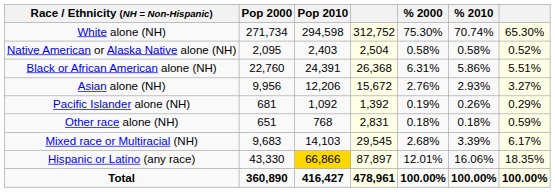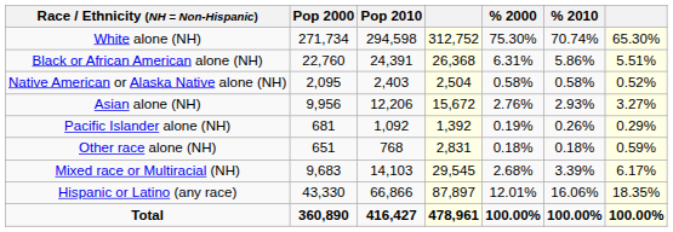 <table class="wikitable" style="text-align:center;">
 <tr>
 <th>Race / Ethnicity <small>(<em>NH = Non-Hispanic</em>)</small></th>
 <th>Pop 2000</th>
 <th>Pop 2010</th>
 <th></th>
 <th>% 2000</th>
 <th>% 2010</th>
 <th></th>
 </tr>
 <tr>
 <td><a href='#'>White</a> alone (NH)</td>
 <td>271,734</td>
 <td>294,598</td>
 <td style='background: #ffffe6;'>312,752</td>
 <td>75.30%</td>
 <td>70.74%</td>
 <td style='background: #ffffe6;'>65.30%</td>
 </tr>
 <tr>
+<td><a href='#'>Black or African American</a> alone (NH)</td>
+<td>22,760</td>
+<td>24,391</td>
+<td style='background: #ffffe6;'>26,368</td>
+<td>6.31%</td>
+<td>5.86%</td>
+<td style='background: #ffffe6;'>5.51%</td>
+</tr>
+<tr>
 <td><a href='#'>Native American</a> or <a href='#'>Alaska Native</a> alone (NH)</td>
 <td>2,095</td>
 <td>2,403</td>
 <td style='background: #ffffe6;'>2,504</td>
 <td>0.58%</td>
 <td>0.58%</td>
 <td style='background: #ffffe6;'>0.52%</td>
-</tr>
-<tr>
-<td><a href='#'>Black or African American</a> alone (NH)</td>
-<td>22,760</td>
-<td>24,391</td>
-<td style='background: #ffffe6;'>26,368</td>
-<td>6.31%</td>
-<td>5.86%</td>
-<td style='background: #ffffe6;'>5.51%</td>
 </tr>
 <tr>
 <td><a href='#'>Asian</a> alone (NH)</td>
 <td>9,956</td>
 <td>12,206</td>
 <td style='background: #ffffe6;'>15,672</td>
 <td>2.76%</td>
 <td>2.93%</td>
 <td style='background: #ffffe6;'>3.27%</td>
 </tr>
 <tr>
 <td><a href='#'>Pacific Islander</a> alone (NH)</td>
 <td>681</td>
 <td>1,092</td>
 <td style='background: #ffffe6;'>1,392</td>
 <td>0.19%</td>
 <td>0.26%</td>
 <td style='background: #ffffe6;'>0.29%</td>
 </tr>
 <tr>
 <td><a href='#'>Other race</a> alone (NH)</td>
 <td>651</td>
 <td>768</td>
 <td style='background: #ffffe6;'>2,831</td>
 <td>0.18%</td>
 <td>0.18%</td>
 <td style='background: #ffffe6;'>0.59%</td>
 </tr>
 <tr>
 <td><a href='#'>Mixed race or Multiracial</a> (NH)</td>
 <td>9,683</td>
 <td>14,103</td>
 <td style='background: #ffffe6;'>29,545</td>
 <td>2.68%</td>
 <td>3.39%</td>
 <td style='background: #ffffe6;'>6.17%</td>
 </tr>
 <tr>
 <td><a href='#'>Hispanic or Latino</a> (any race)</td>
 <td>43,330</td>
-<td style="background: gold;">66,866</td>
+<td>66,866</td>
 <td style='background: #ffffe6;'>87,897</td>
 <td>12.01%</td>
 <td>16.06%</td>
 <td style='background: #ffffe6;'>18.35%</td>
 </tr>
 <tr>
 <td><strong>Total</strong></td>
 <td><strong>360,890</strong></td>
 <td><strong>416,427</strong></td>
 <td style='background: #ffffe6;'><strong>478,961</strong></td>
 <td><strong>100.00%</strong></td>
 <td><strong>100.00%</strong></td>
 <td style='background: #ffffe6;'><strong>100.00%</strong></td>
 </tr>
 </table>
